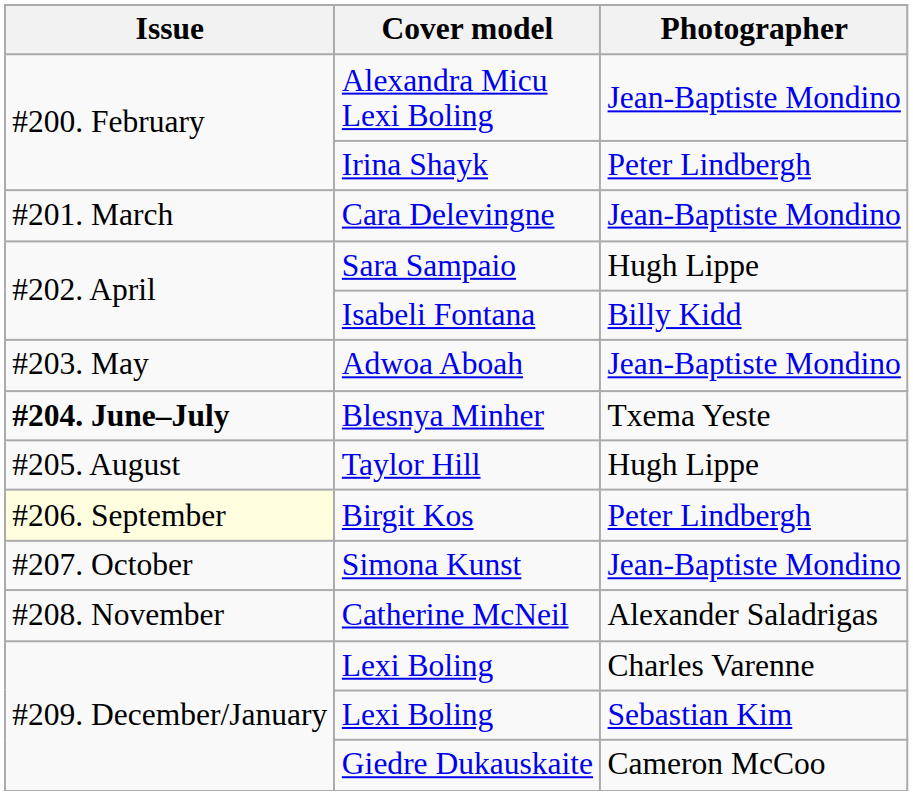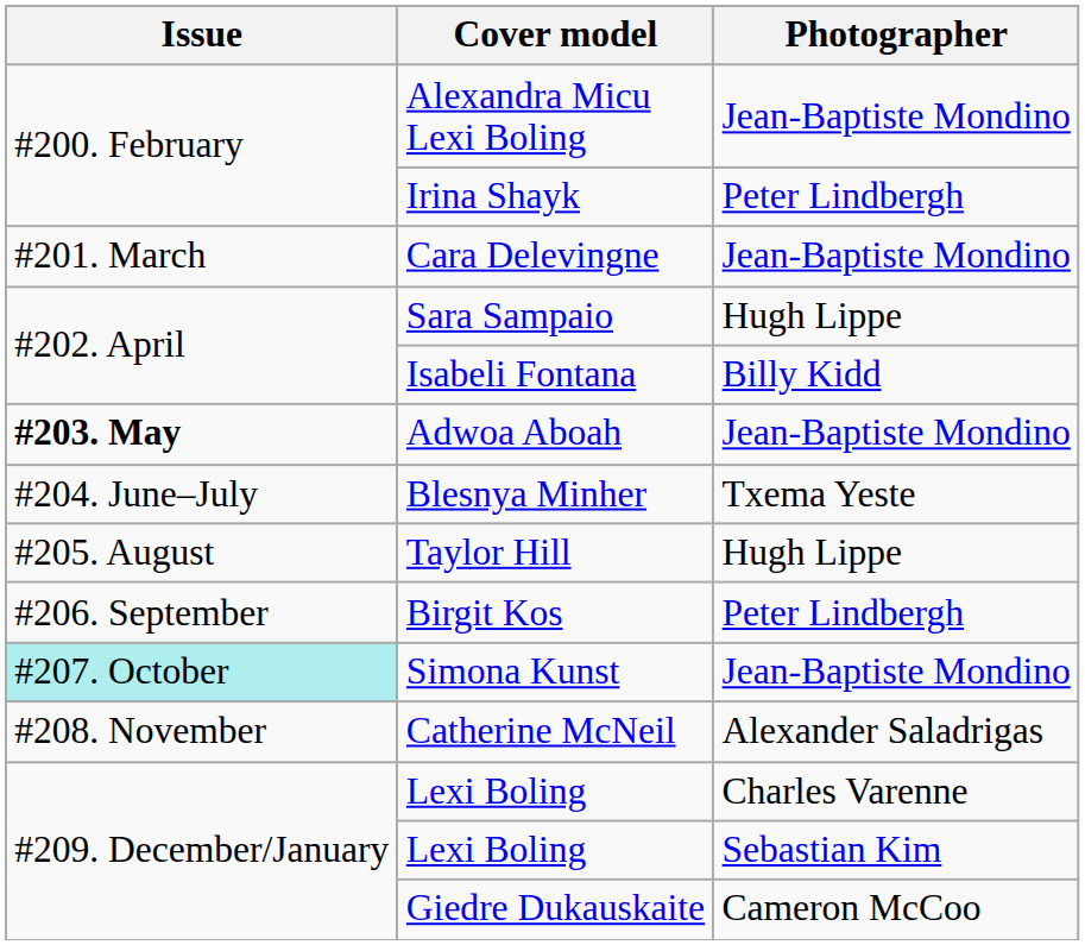 <table class="sortable wikitable">
 <tr>
 <th>Issue</th>
 <th>Cover model</th>
 <th>Photographer</th>
 </tr>
 <tr>
 <td rowspan=2>#200. February</td>
 <td><a href='#'>Alexandra Micu</a><br><a href='#'>Lexi Boling</a></td>
 <td><a href='#'>Jean-Baptiste Mondino</a></td>
 </tr>
 <tr>
 <td><a href='#'>Irina Shayk</a></td>
 <td><a href='#'>Peter Lindbergh</a></td>
 </tr>
 <tr>
 <td>#201. March</td>
 <td><a href='#'>Cara Delevingne</a></td>
 <td><a href='#'>Jean-Baptiste Mondino</a></td>
 </tr>
 <tr>
 <td rowspan=2>#202. April</td>
 <td><a href='#'>Sara Sampaio</a></td>
 <td>Hugh Lippe</td>
 </tr>
 <tr>
 <td><a href='#'>Isabeli Fontana</a></td>
 <td><a href='#'>Billy Kidd</a></td>
 </tr>
 <tr>
-<td>#203. May</td>
+<td><strong>#203. May</strong></td>
 <td><a href='#'>Adwoa Aboah</a></td>
 <td><a href='#'>Jean-Baptiste Mondino</a></td>
 </tr>
 <tr>
-<td><strong>#204. June–July</strong></td>
+<td>#204. June–July</td>
 <td><a href='#'>Blesnya Minher</a></td>
 <td>Txema Yeste</td>
 </tr>
 <tr>
 <td>#205. August</td>
 <td><a href='#'>Taylor Hill</a></td>
 <td>Hugh Lippe</td>
 </tr>
 <tr>
-<td style="background: lightyellow;">#206. September</td>
+<td>#206. September</td>
 <td><a href='#'>Birgit Kos</a></td>
 <td><a href='#'>Peter Lindbergh</a></td>
 </tr>
 <tr>
-<td>#207. October</td>
+<td style="background: paleturquoise;">#207. October</td>
 <td><a href='#'>Simona Kunst</a></td>
 <td><a href='#'>Jean-Baptiste Mondino</a></td>
 </tr>
 <tr>
 <td>#208. November</td>
 <td><a href='#'>Catherine McNeil</a></td>
 <td>Alexander Saladrigas</td>
 </tr>
 <tr>
 <td rowspan=3>#209. December/January</td>
 <td><a href='#'>Lexi Boling</a></td>
 <td>Charles Varenne</td>
 </tr>
 <tr>
 <td><a href='#'>Lexi Boling</a></td>
 <td><a href='#'>Sebastian Kim</a></td>
 </tr>
 <tr>
 <td><a href='#'>Giedre Dukauskaite</a></td>
 <td>Cameron McCoo</td>
 </tr>
 </table>
